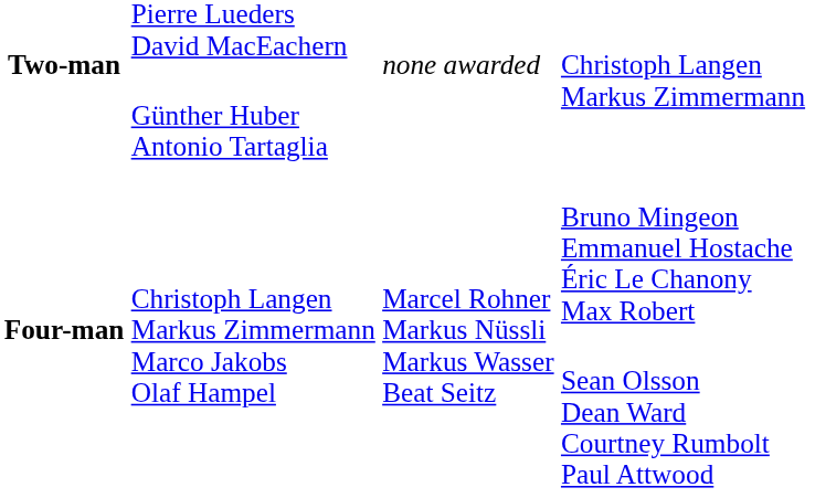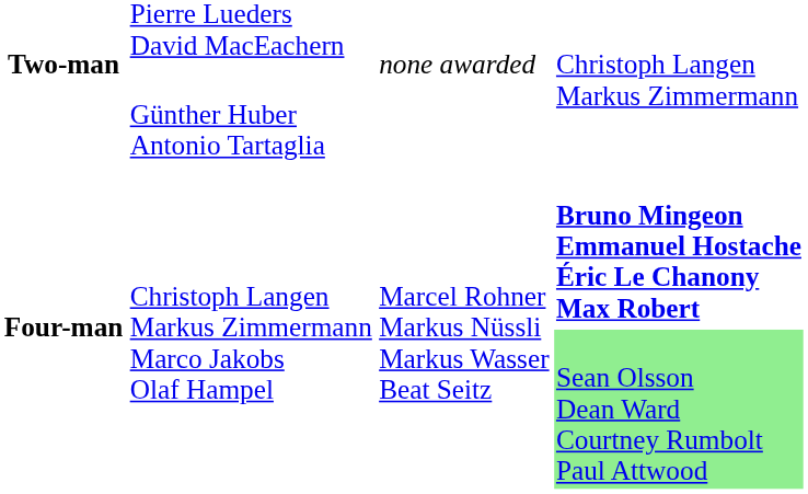 <table>
 <tr>
 <th scope="row" rowspan=2>Two-man<br></th>
 <td><br><a href='#'>Pierre Lueders</a><br><a href='#'>David MacEachern</a></td>
 <td rowspan=2><em>none awarded</em></td>
 <td rowspan=2><br><a href='#'>Christoph Langen</a><br><a href='#'>Markus Zimmermann</a></td>
 </tr>
 <tr>
 <td><br><a href='#'>Günther Huber</a><br><a href='#'>Antonio Tartaglia</a></td>
 </tr>
 <tr>
 <th scope="row" rowspan=2>Four-man<br></th>
 <td rowspan=2><br><a href='#'>Christoph Langen</a><br><a href='#'>Markus Zimmermann</a><br><a href='#'>Marco Jakobs</a><br><a href='#'>Olaf Hampel</a></td>
 <td rowspan=2><br><a href='#'>Marcel Rohner</a><br><a href='#'>Markus Nüssli</a><br><a href='#'>Markus Wasser</a><br><a href='#'>Beat Seitz</a></td>
-<td><br><a href='#'>Bruno Mingeon</a><br><a href='#'>Emmanuel Hostache</a><br><a href='#'>Éric Le Chanony</a><br><a href='#'>Max Robert</a><br></td>
+<td><strong><br><a href='#'>Bruno Mingeon</a><br><a href='#'>Emmanuel Hostache</a><br><a href='#'>Éric Le Chanony</a><br><a href='#'>Max Robert</a><br></strong></td>
 </tr>
 <tr>
-<td><br><a href='#'>Sean Olsson</a><br><a href='#'>Dean Ward</a><br><a href='#'>Courtney Rumbolt</a><br><a href='#'>Paul Attwood</a></td>
+<td style="background: lightgreen;"><br><a href='#'>Sean Olsson</a><br><a href='#'>Dean Ward</a><br><a href='#'>Courtney Rumbolt</a><br><a href='#'>Paul Attwood</a></td>
 </tr>
 </table>
